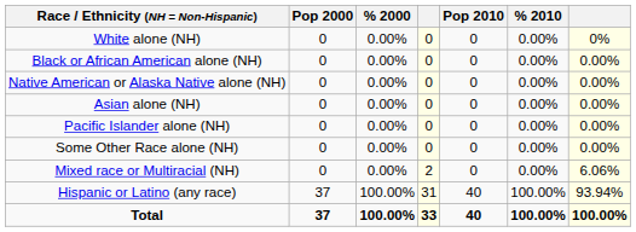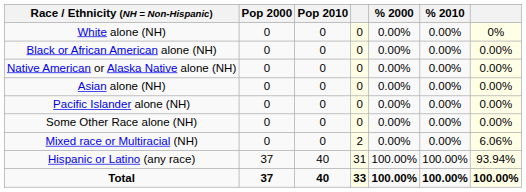 <table class="wikitable" style="text-align:center;">
 <tr>
 <th>Race / Ethnicity <small>(<em>NH = Non-Hispanic</em>)</small></th>
 <th>Pop 2000</th>
+<th>Pop 2010</th>
+<th></th>
 <th>% 2000</th>
-<th></th>
-<th>Pop 2010</th>
 <th>% 2010</th>
 <th></th>
 </tr>
 <tr>
 <td><a href='#'>White</a> alone (NH)</td>
 <td>0</td>
+<td>0</td>
+<td style='background: #ffffe6;'>0</td>
 <td>0.00%</td>
-<td style='background: #ffffe6;'>0</td>
-<td>0</td>
 <td>0.00%</td>
 <td style='background: #ffffe6;'>0%</td>
 </tr>
 <tr>
 <td><a href='#'>Black or African American</a> alone (NH)</td>
 <td>0</td>
+<td>0</td>
+<td style='background: #ffffe6;'>0</td>
 <td>0.00%</td>
-<td style='background: #ffffe6;'>0</td>
-<td>0</td>
 <td>0.00%</td>
 <td style='background: #ffffe6;'>0.00%</td>
 </tr>
 <tr>
 <td><a href='#'>Native American</a> or <a href='#'>Alaska Native</a> alone (NH)</td>
 <td>0</td>
+<td>0</td>
+<td style='background: #ffffe6;'>0</td>
 <td>0.00%</td>
-<td style='background: #ffffe6;'>0</td>
-<td>0</td>
 <td>0.00%</td>
 <td style='background: #ffffe6;'>0.00%</td>
 </tr>
 <tr>
 <td><a href='#'>Asian</a> alone (NH)</td>
 <td>0</td>
+<td>0</td>
+<td style='background: #ffffe6;'>0</td>
 <td>0.00%</td>
-<td style='background: #ffffe6;'>0</td>
-<td>0</td>
 <td>0.00%</td>
 <td style='background: #ffffe6;'>0.00%</td>
 </tr>
 <tr>
 <td><a href='#'>Pacific Islander</a> alone (NH)</td>
 <td>0</td>
+<td>0</td>
+<td style='background: #ffffe6;'>0</td>
 <td>0.00%</td>
-<td style='background: #ffffe6;'>0</td>
-<td>0</td>
 <td>0.00%</td>
 <td style='background: #ffffe6;'>0.00%</td>
 </tr>
 <tr>
 <td>Some Other Race alone (NH)</td>
 <td>0</td>
+<td>0</td>
+<td style='background: #ffffe6;'>0</td>
 <td>0.00%</td>
-<td style='background: #ffffe6;'>0</td>
-<td>0</td>
 <td>0.00%</td>
 <td style='background: #ffffe6;'>0.00%</td>
 </tr>
 <tr>
 <td><a href='#'>Mixed race or Multiracial</a> (NH)</td>
 <td>0</td>
+<td>0</td>
+<td style='background: #ffffe6;'>2</td>
 <td>0.00%</td>
-<td style='background: #ffffe6;'>2</td>
-<td>0</td>
 <td>0.00%</td>
 <td style='background: #ffffe6;'>6.06%</td>
 </tr>
 <tr>
 <td><a href='#'>Hispanic or Latino</a> (any race)</td>
 <td>37</td>
+<td>40</td>
+<td style='background: #ffffe6;'>31</td>
 <td>100.00%</td>
-<td style='background: #ffffe6;'>31</td>
-<td>40</td>
 <td>100.00%</td>
 <td style='background: #ffffe6;'>93.94%</td>
 </tr>
 <tr>
 <td><strong>Total</strong></td>
 <td><strong>37</strong></td>
+<td><strong>40</strong></td>
+<td style='background: #ffffe6;'><strong>33</strong></td>
 <td><strong>100.00%</strong></td>
-<td style='background: #ffffe6;'><strong>33</strong></td>
-<td><strong>40</strong></td>
 <td><strong>100.00%</strong></td>
 <td style='background: #ffffe6;'><strong>100.00%</strong></td>
 </tr>
 </table>
